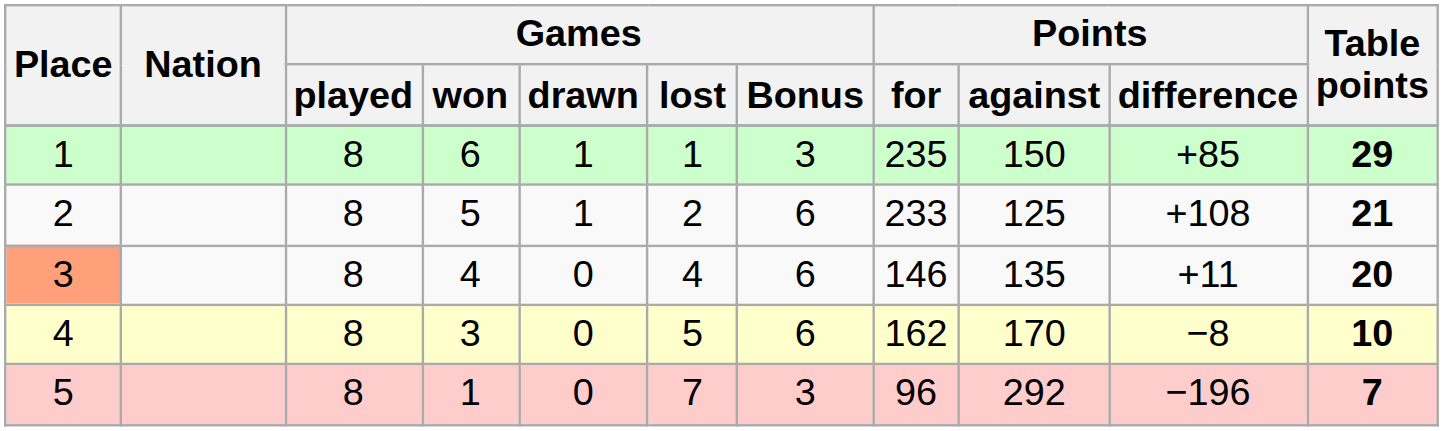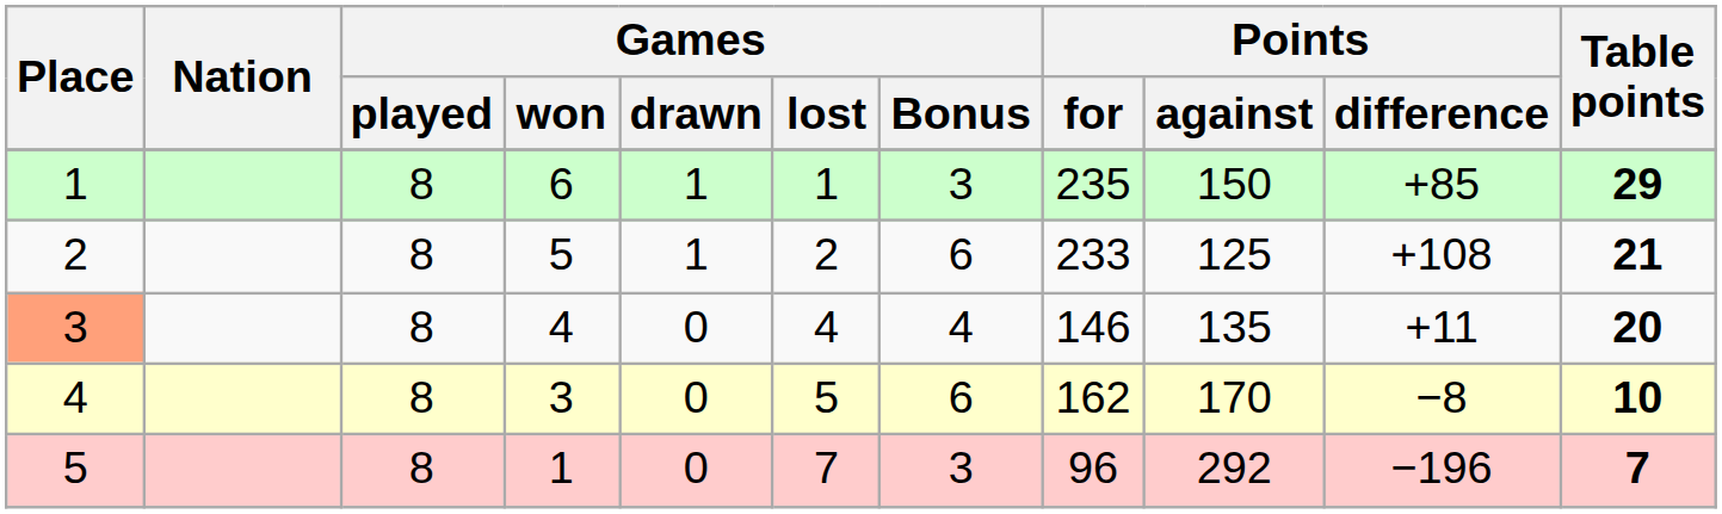 <table class="wikitable">
 <tr>
 <th rowspan=2 width="8%">Place</th>
 <th rowspan=2 width="20%">Nation</th>
 <th colspan=5 width="40%">Games</th>
 <th colspan=3 width="24%">Points</th>
 <th rowspan=2 width="10%">Table<br>points</th>
 </tr>
 <tr>
 <th width="8%">played</th>
 <th width="8%">won</th>
 <th width="8%">drawn</th>
 <th width="8%">lost</th>
 <th width="8%">Bonus</th>
 <th width="8%">for</th>
 <th width="8%">against</th>
 <th width="8%">difference</th>
 </tr>
 <tr>
 </tr>
 <tr align=center bgcolor="#ccffcc">
 <td>1</td>
 <td align=left></td>
 <td>8</td>
 <td>6</td>
 <td>1</td>
 <td>1</td>
 <td>3</td>
 <td>235</td>
 <td>150</td>
 <td>+85</td>
 <td><strong>29</strong></td>
 </tr>
 <tr align=center>
 <td>2</td>
 <td align=left></td>
 <td>8</td>
 <td>5</td>
 <td>1</td>
 <td>2</td>
 <td>6</td>
 <td>233</td>
 <td>125</td>
 <td>+108</td>
 <td><strong>21</strong></td>
 </tr>
 <tr align=center>
 <td style="background: lightsalmon;">3</td>
 <td align=left></td>
 <td>8</td>
 <td>4</td>
 <td>0</td>
 <td>4</td>
-<td>6</td>
+<td>4</td>
 <td>146</td>
 <td>135</td>
 <td>+11</td>
 <td><strong>20</strong></td>
 </tr>
 <tr align=center bgcolor="#ffffcc">
 <td>4</td>
 <td align=left></td>
 <td>8</td>
 <td>3</td>
 <td>0</td>
 <td>5</td>
 <td>6</td>
 <td>162</td>
 <td>170</td>
 <td>−8</td>
 <td><strong>10</strong></td>
 </tr>
 <tr align=center bgcolor="#ffcccc">
 <td>5</td>
 <td align=left></td>
 <td>8</td>
 <td>1</td>
 <td>0</td>
 <td>7</td>
 <td>3</td>
 <td>96</td>
 <td>292</td>
 <td>−196</td>
 <td><strong>7</strong></td>
 </tr>
 </table>
